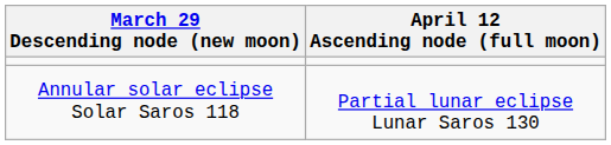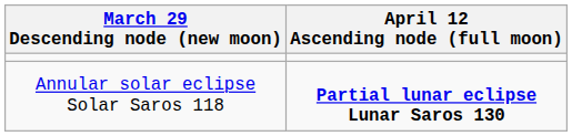 <table class="wikitable">
 <tr>
 <th><a href='#'>March 29</a><br>Descending node (new moon)</th>
 <th>April 12<br>Ascending node (full moon)</th>
 </tr>
 <tr>
 <td></td>
 <td></td>
 </tr>
 <tr align=center>
 <td><a href='#'>Annular solar eclipse</a><br>Solar Saros 118</td>
-<td><br><a href='#'>Partial lunar eclipse</a><br>Lunar Saros 130</td>
+<td><strong><br><a href='#'>Partial lunar eclipse</a><br>Lunar Saros 130</strong></td>
 </tr>
 </table>
